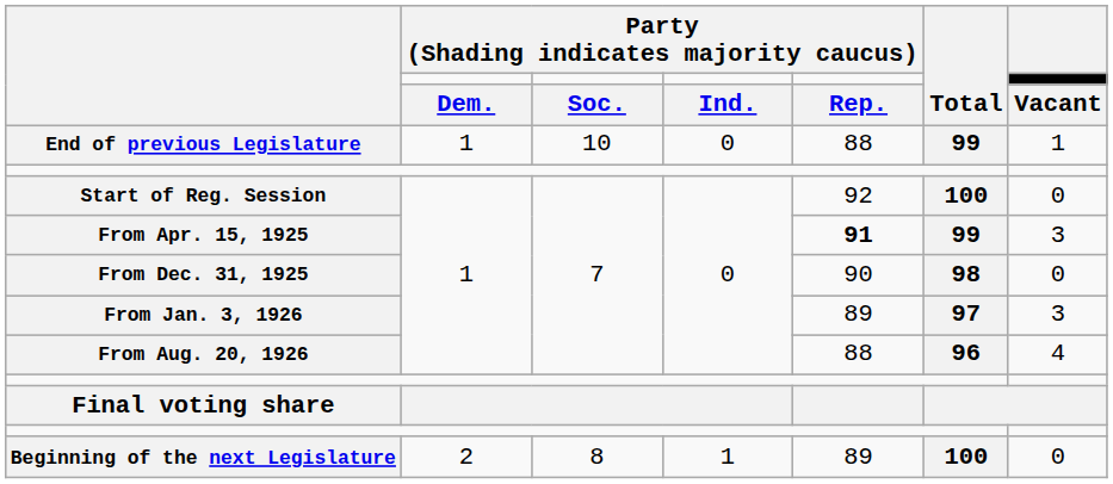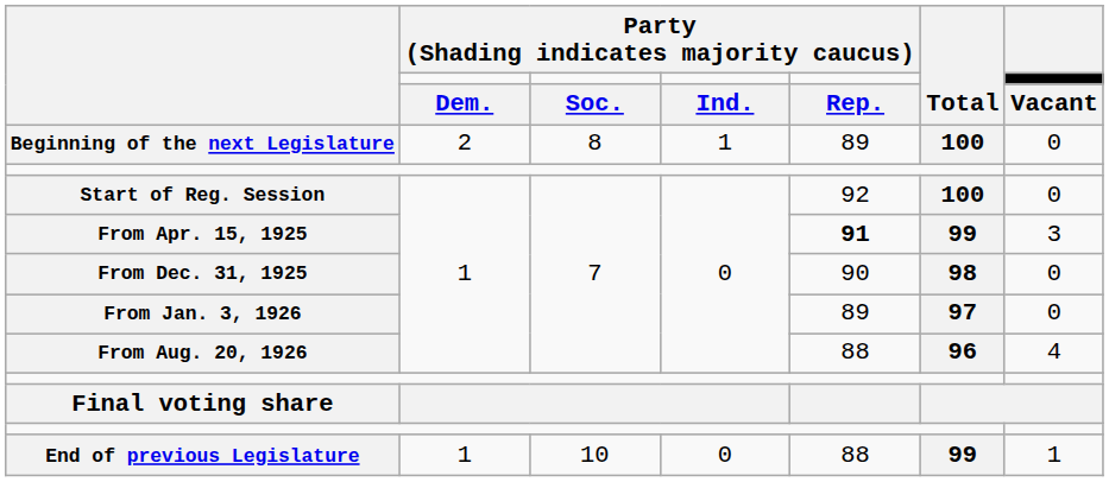 <table class=wikitable style="text-align:center">
 <tr style="vertical-align:bottom;">
 <th rowspan=3></th>
 <th colspan=4>Party <div>(Shading indicates majority caucus)</div></th>
 <th rowspan=3>Total</th>
 <th></th>
 </tr>
 <tr style="height:5px">
 <td style="background-color:"></td>
 <td style="background-color:"></td>
 <td style="background-color:"></td>
 <td style="background-color:"></td>
 <td style="background:black;"></td>
 </tr>
 <tr>
 <th><a href='#'>Dem.</a></th>
 <th><a href='#'>Soc.</a></th>
 <th><a href='#'>Ind.</a></th>
 <th><a href='#'>Rep.</a></th>
 <th>Vacant</th>
 </tr>
 <tr>
-<th style="font-size:80%;">End of <a href='#'>previous Legislature</a></th>
+<th style="font-size:80%;">Beginning of the <a href='#'>next Legislature</a></th>
+<td>2</td>
+<td>8</td>
 <td>1</td>
-<td>10</td>
+<td>89</td>
+<th>100</th>
 <td>0</td>
-<td>88</td>
-<th>99</th>
-<td>1</td>
 </tr>
 <tr>
 <td colspan=6></td>
 </tr>
 <tr>
 <th style="font-size:80%;">Start of Reg. Session</th>
 <td rowspan="5">1</td>
 <td rowspan="5">7</td>
 <td rowspan="5">0</td>
 <td>92</td>
 <th>100</th>
 <td>0</td>
 </tr>
 <tr>
 <th style="font-size:80%;">From Apr. 15, 1925</th>
 <td><strong>91</strong></td>
 <th>99</th>
 <td>3</td>
 </tr>
 <tr>
 <th style="font-size:80%;">From Dec. 31, 1925</th>
 <td>90</td>
 <th>98</th>
 <td>0</td>
 </tr>
 <tr>
 <th style="font-size:80%;">From Jan. 3, 1926</th>
 <td>89</td>
 <th>97</th>
-<td>3</td>
+<td>0</td>
 </tr>
 <tr>
 <th style="font-size:80%;">From Aug. 20, 1926</th>
 <td>88</td>
 <th>96</th>
 <td>4</td>
 </tr>
 <tr>
 <td colspan=6></td>
 </tr>
 <tr>
 <th>Final voting share</th>
 <th colspan=3></th>
 <th></th>
 <th colspan=2></th>
 </tr>
 <tr>
 <td colspan=6></td>
 </tr>
 <tr>
-<th style="font-size:80%;">Beginning of the <a href='#'>next Legislature</a></th>
-<td>2</td>
-<td>8</td>
+<th style="font-size:80%;">End of <a href='#'>previous Legislature</a></th>
 <td>1</td>
-<td>89</td>
-<th>100</th>
+<td>10</td>
 <td>0</td>
+<td>88</td>
+<th>99</th>
+<td>1</td>
 </tr>
 </table>
